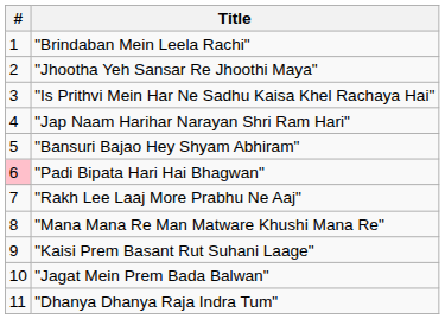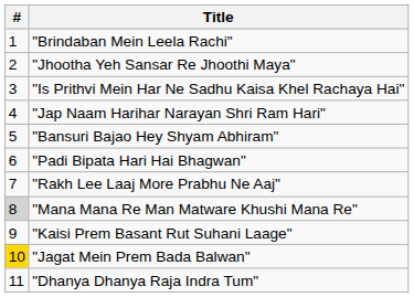 <table class="wikitable" style="font-size:95%;">
 <tr>
 <th>#</th>
 <th>Title</th>
 </tr>
 <tr>
 <td>1</td>
 <td>"Brindaban Mein Leela Rachi"</td>
 </tr>
 <tr>
 <td>2</td>
 <td>"Jhootha Yeh Sansar Re Jhoothi Maya"</td>
 </tr>
 <tr>
 <td>3</td>
 <td>"Is Prithvi Mein Har Ne Sadhu Kaisa Khel Rachaya Hai"</td>
 </tr>
 <tr>
 <td>4</td>
 <td>"Jap Naam Harihar Narayan Shri Ram Hari"</td>
 </tr>
 <tr>
 <td>5</td>
 <td>"Bansuri Bajao Hey Shyam Abhiram"</td>
 </tr>
 <tr>
-<td style="background: pink;">6</td>
+<td>6</td>
 <td>"Padi Bipata Hari Hai Bhagwan"</td>
 </tr>
 <tr>
 <td>7</td>
 <td>"Rakh Lee Laaj More Prabhu Ne Aaj"</td>
 </tr>
 <tr>
-<td>8</td>
+<td style="background: lightgrey;">8</td>
 <td>"Mana Mana Re Man Matware Khushi Mana Re"</td>
 </tr>
 <tr>
 <td>9</td>
 <td>"Kaisi Prem Basant Rut Suhani Laage"</td>
 </tr>
 <tr>
-<td>10</td>
+<td style="background: gold;">10</td>
 <td>"Jagat Mein Prem Bada Balwan"</td>
 </tr>
 <tr>
 <td>11</td>
 <td>"Dhanya Dhanya Raja Indra Tum"</td>
 </tr>
 </table>
